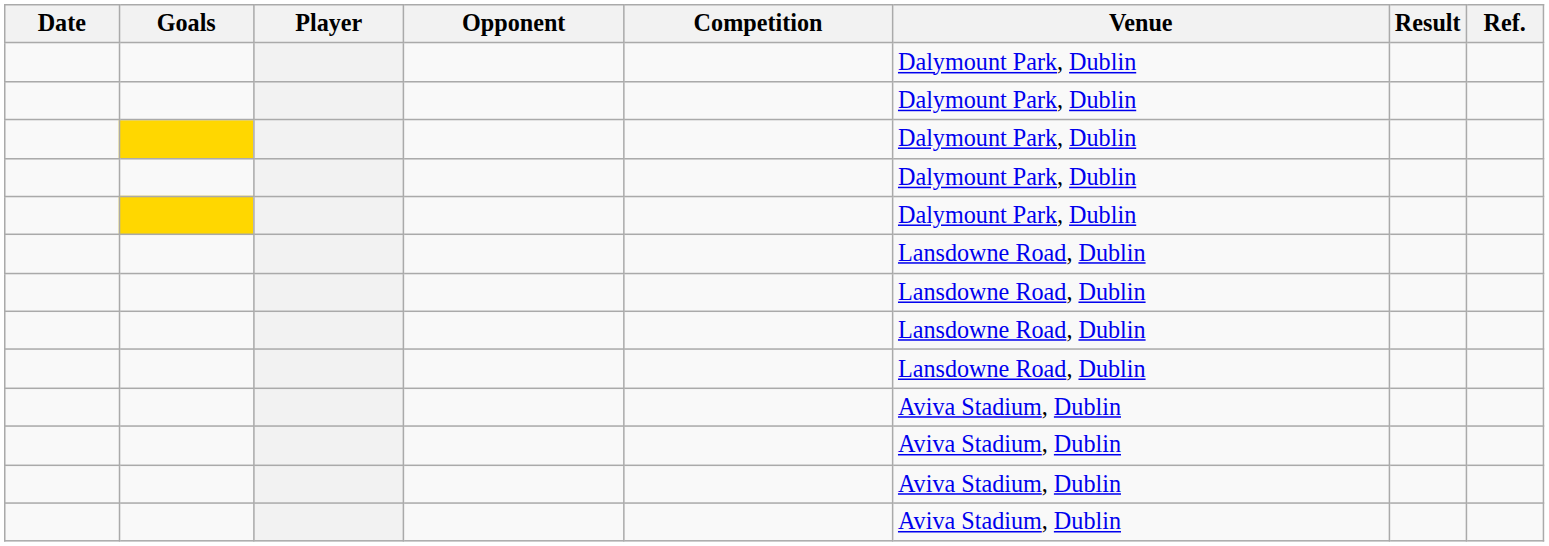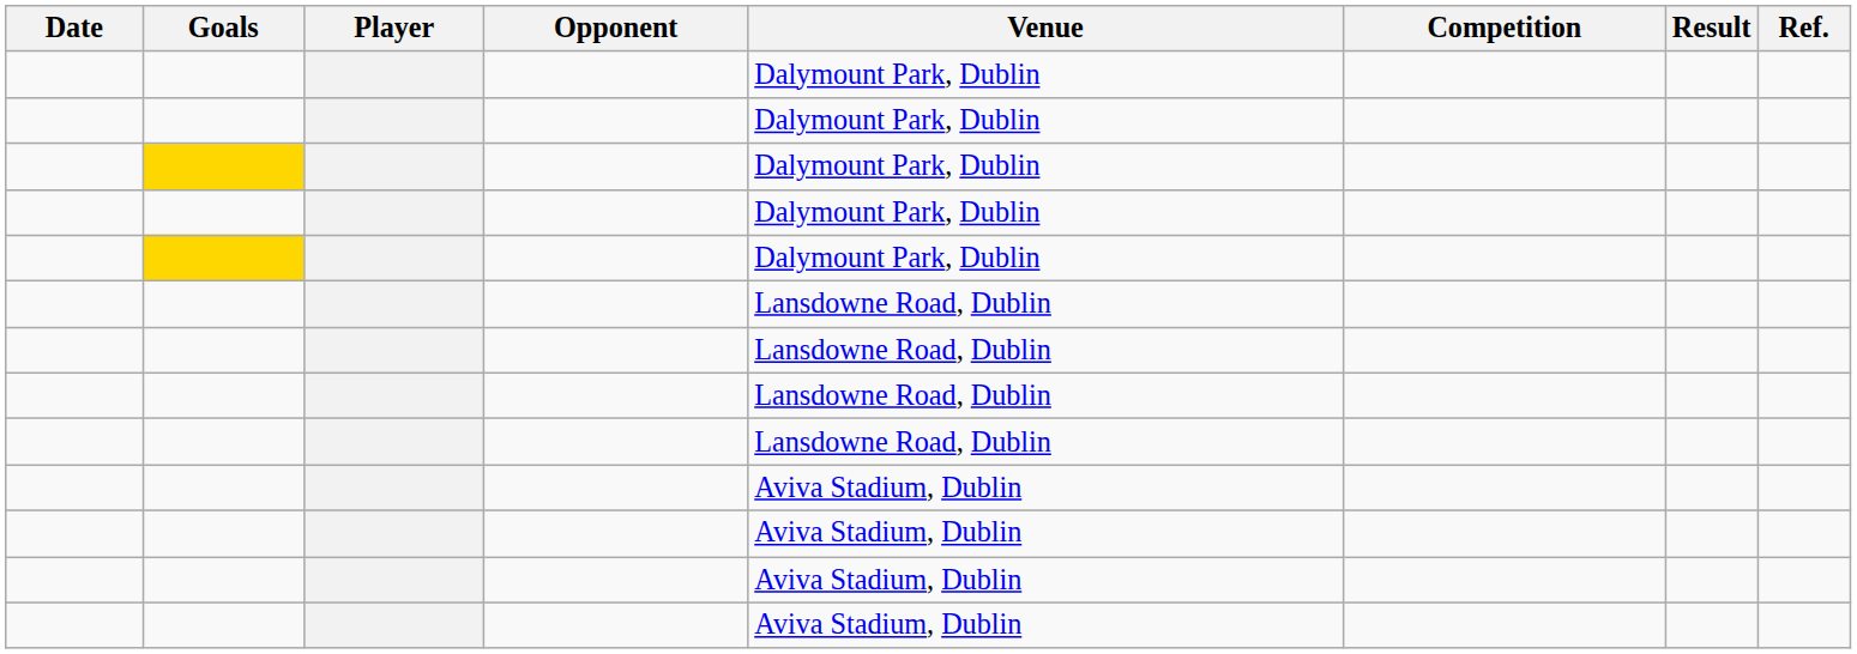 <table class="wikitable sortable plainrowheaders">
 <tr>
 <th scope=col>Date</th>
 <th scope=col>Goals</th>
 <th scope=col>Player</th>
 <th scope=col>Opponent</th>
+<th scope=col>Venue</th>
 <th scope=col>Competition</th>
-<th scope=col>Venue</th>
 <th scope=col class="align:center" width="5%">Result</th>
 <th scope=col class="align: center; unsortable" width="5%">Ref.</th>
 </tr>
 <tr>
 <td></td>
 <td></td>
 <th scope=row></th>
 <td></td>
+<td><a href='#'>Dalymount Park</a>, <a href='#'>Dublin</a></td>
 <td></td>
-<td><a href='#'>Dalymount Park</a>, <a href='#'>Dublin</a></td>
 <td data-sort-value="0301"></td>
 <td align=center></td>
 </tr>
 <tr>
 <td></td>
 <td></td>
 <th scope=row></th>
 <td></td>
+<td><a href='#'>Dalymount Park</a>, <a href='#'>Dublin</a></td>
 <td></td>
-<td><a href='#'>Dalymount Park</a>, <a href='#'>Dublin</a></td>
 <td data-sort-value="0400"></td>
 <td align=center></td>
 </tr>
 <tr>
 <td></td>
 <td bgcolor=gold></td>
 <th scope=row></th>
 <td></td>
+<td><a href='#'>Dalymount Park</a>, <a href='#'>Dublin</a></td>
 <td></td>
-<td><a href='#'>Dalymount Park</a>, <a href='#'>Dublin</a></td>
 <td data-sort-value="0404"></td>
 <td align=center></td>
 </tr>
 <tr>
 <td></td>
 <td></td>
 <th scope=row></th>
 <td></td>
+<td><a href='#'>Dalymount Park</a>, <a href='#'>Dublin</a></td>
 <td></td>
-<td><a href='#'>Dalymount Park</a>, <a href='#'>Dublin</a></td>
 <td data-sort-value="0300"></td>
 <td align=center></td>
 </tr>
 <tr>
 <td></td>
 <td bgcolor=gold></td>
 <th scope=row></th>
 <td></td>
+<td><a href='#'>Dalymount Park</a>, <a href='#'>Dublin</a></td>
 <td></td>
-<td><a href='#'>Dalymount Park</a>, <a href='#'>Dublin</a></td>
 <td data-sort-value="0400"></td>
 <td align=center></td>
 </tr>
 <tr>
 <td></td>
 <td></td>
 <th scope=row></th>
 <td></td>
+<td><a href='#'>Lansdowne Road</a>, <a href='#'>Dublin</a></td>
 <td></td>
-<td><a href='#'>Lansdowne Road</a>, <a href='#'>Dublin</a></td>
 <td data-sort-value="0500"></td>
 <td align=center></td>
 </tr>
 <tr>
 <td></td>
 <td></td>
 <th scope=row></th>
 <td></td>
+<td><a href='#'>Lansdowne Road</a>, <a href='#'>Dublin</a></td>
 <td></td>
-<td><a href='#'>Lansdowne Road</a>, <a href='#'>Dublin</a></td>
 <td data-sort-value="0500"></td>
 <td align=center></td>
 </tr>
 <tr>
 <td></td>
 <td></td>
 <th scope=row></th>
 <td></td>
+<td><a href='#'>Lansdowne Road</a>, <a href='#'>Dublin</a></td>
 <td></td>
-<td><a href='#'>Lansdowne Road</a>, <a href='#'>Dublin</a></td>
 <td data-sort-value="0400"></td>
 <td align=center></td>
 </tr>
 <tr>
 <td></td>
 <td></td>
 <th scope=row></th>
 <td></td>
+<td><a href='#'>Lansdowne Road</a>, <a href='#'>Dublin</a></td>
 <td></td>
-<td><a href='#'>Lansdowne Road</a>, <a href='#'>Dublin</a></td>
 <td data-sort-value="0500"></td>
 <td align=center></td>
 </tr>
 <tr>
 <td></td>
 <td></td>
 <th scope=row></th>
 <td></td>
+<td><a href='#'>Aviva Stadium</a>, <a href='#'>Dublin</a></td>
 <td></td>
-<td><a href='#'>Aviva Stadium</a>, <a href='#'>Dublin</a></td>
 <td data-sort-value="0500"></td>
 <td align=center></td>
 </tr>
 <tr>
 <td></td>
 <td></td>
 <th scope=row></th>
 <td></td>
+<td><a href='#'>Aviva Stadium</a>, <a href='#'>Dublin</a></td>
 <td></td>
-<td><a href='#'>Aviva Stadium</a>, <a href='#'>Dublin</a></td>
 <td data-sort-value="0300"></td>
 <td align=center></td>
 </tr>
 <tr>
 <td></td>
 <td></td>
 <th scope=row></th>
 <td></td>
+<td><a href='#'>Aviva Stadium</a>, <a href='#'>Dublin</a></td>
 <td></td>
-<td><a href='#'>Aviva Stadium</a>, <a href='#'>Dublin</a></td>
 <td data-sort-value="0700"></td>
 <td align=center></td>
 </tr>
 <tr>
 <td></td>
 <td></td>
 <th scope=row></th>
 <td></td>
+<td><a href='#'>Aviva Stadium</a>, <a href='#'>Dublin</a></td>
 <td></td>
-<td><a href='#'>Aviva Stadium</a>, <a href='#'>Dublin</a></td>
 <td data-sort-value="0700"></td>
 <td align=center></td>
 </tr>
 </table>
